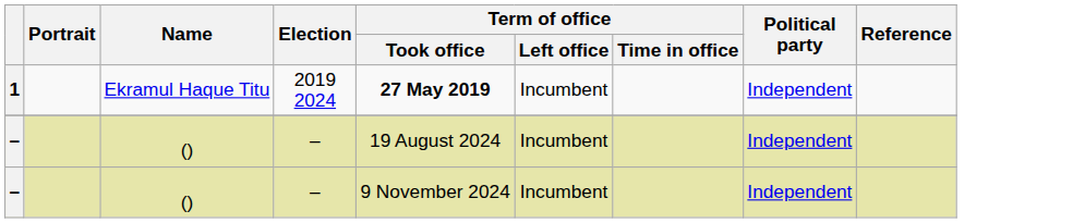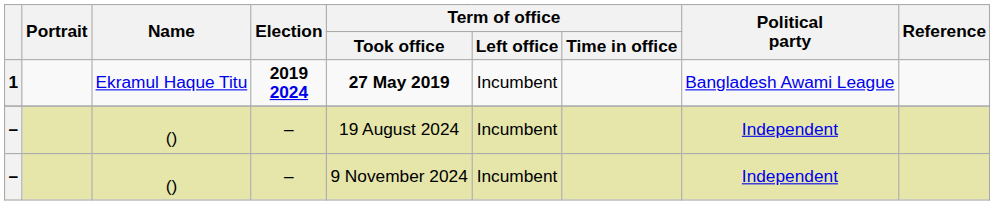 <table class="wikitable" style="text-align:center">
 <tr>
 <th rowspan="2"></th>
 <th rowspan="2">Portrait</th>
 <th rowspan="2">Name<br></th>
 <th rowspan="2">Election</th>
 <th colspan="3"><strong>Term of office</strong></th>
 <th rowspan="2"><strong>Political<br> party</strong></th>
 <th rowspan="2"><strong>Reference</strong></th>
 </tr>
 <tr>
 <th><strong>Took office</strong></th>
 <th><strong>Left office</strong></th>
 <th><strong>Time in office</strong></th>
 </tr>
 <tr>
 <th style="background:">1</th>
 <td align=center></td>
 <td><a href='#'>Ekramul Haque Titu</a></td>
-<td>2019<br><a href='#'>2024</a></td>
+<td><strong>2019<br><a href='#'>2024</a></strong></td>
 <td align=center><strong>27 May 2019</strong></td>
 <td align=center>Incumbent</td>
 <td></td>
-<td><a href='#'>Independent</a></td>
+<td><a href='#'>Bangladesh Awami League</a></td>
 <td><br></td>
 </tr>
 <tr>
 </tr>
 <tr style="background:#e6e6aa;">
 <th style="background:">–</th>
 <td align=center></td>
 <td><br>()</td>
 <td>–</td>
 <td align=center>19 August 2024</td>
 <td align=center>Incumbent</td>
 <td></td>
 <td><a href='#'>Independent</a></td>
 <td></td>
 </tr>
 <tr style="background:#e6e6aa;">
 <th style="background:">–</th>
 <td align=center></td>
 <td><br>()</td>
 <td>–</td>
 <td align=center>9 November 2024</td>
 <td align=center>Incumbent</td>
 <td></td>
 <td><a href='#'>Independent</a></td>
 <td></td>
 </tr>
 </table>
